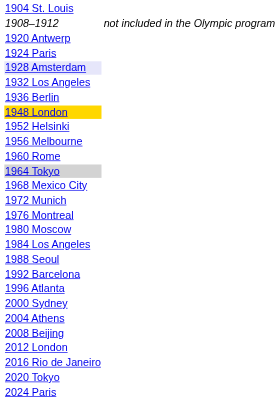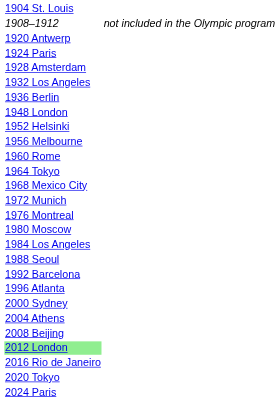 <table>
 <tr valign="top">
 <td><a href='#'>1904 St. Louis</a><br></td>
 <td></td>
 <td></td>
 <td></td>
 </tr>
 <tr>
 <td><em>1908–1912</em></td>
 <td colspan="3" style="text-align:center;"><em>not included in the Olympic program</em></td>
 </tr>
 <tr valign="top">
 <td><a href='#'>1920 Antwerp</a><br></td>
 <td></td>
 <td></td>
 <td></td>
 </tr>
 <tr valign="top">
 <td><a href='#'>1924 Paris</a><br></td>
 <td></td>
 <td></td>
 <td></td>
 </tr>
 <tr valign="top">
-<td style="background: lavender;"><a href='#'>1928 Amsterdam</a><br></td>
+<td><a href='#'>1928 Amsterdam</a><br></td>
 <td></td>
 <td></td>
 <td></td>
 </tr>
 <tr valign="top">
 <td><a href='#'>1932 Los Angeles</a><br></td>
 <td></td>
 <td></td>
 <td></td>
 </tr>
 <tr valign="top">
 <td><a href='#'>1936 Berlin</a><br></td>
 <td></td>
 <td></td>
 <td></td>
 </tr>
 <tr valign="top">
-<td style="background: gold;"><a href='#'>1948 London</a><br></td>
+<td><a href='#'>1948 London</a><br></td>
 <td></td>
 <td></td>
 <td></td>
 </tr>
 <tr valign="top">
 <td><a href='#'>1952 Helsinki</a><br></td>
 <td></td>
 <td></td>
 <td><br></td>
 </tr>
 <tr valign="top">
 <td><a href='#'>1956 Melbourne</a><br></td>
 <td></td>
 <td></td>
 <td><br></td>
 </tr>
 <tr valign="top">
 <td><a href='#'>1960 Rome</a><br></td>
 <td></td>
 <td></td>
 <td><br></td>
 </tr>
 <tr valign="top">
-<td style="background: lightgrey;"><a href='#'>1964 Tokyo</a><br></td>
+<td><a href='#'>1964 Tokyo</a><br></td>
 <td></td>
 <td></td>
 <td><br></td>
 </tr>
 <tr valign="top">
 <td><a href='#'>1968 Mexico City</a><br></td>
 <td></td>
 <td></td>
 <td><br></td>
 </tr>
 <tr valign="top">
 <td><a href='#'>1972 Munich</a><br></td>
 <td></td>
 <td></td>
 <td><br></td>
 </tr>
 <tr valign="top">
 <td><a href='#'>1976 Montreal</a><br></td>
 <td></td>
 <td></td>
 <td><br></td>
 </tr>
 <tr valign="top">
 <td><a href='#'>1980 Moscow</a><br></td>
 <td></td>
 <td></td>
 <td><br></td>
 </tr>
 <tr valign="top">
 <td><a href='#'>1984 Los Angeles</a><br></td>
 <td></td>
 <td></td>
 <td><br></td>
 </tr>
 <tr valign="top">
 <td><a href='#'>1988 Seoul</a><br></td>
 <td></td>
 <td></td>
 <td><br></td>
 </tr>
 <tr valign="top">
 <td><a href='#'>1992 Barcelona</a><br></td>
 <td></td>
 <td></td>
 <td><br></td>
 </tr>
 <tr valign="top">
 <td><a href='#'>1996 Atlanta</a><br></td>
 <td></td>
 <td></td>
 <td><br></td>
 </tr>
 <tr valign="top">
 <td><a href='#'>2000 Sydney</a><br></td>
 <td></td>
 <td></td>
 <td><br></td>
 </tr>
 <tr valign="top">
 <td><a href='#'>2004 Athens</a><br></td>
 <td></td>
 <td></td>
 <td><br></td>
 </tr>
 <tr valign="top">
 <td><a href='#'>2008 Beijing</a><br></td>
 <td></td>
 <td></td>
 <td><br></td>
 </tr>
 <tr valign="top">
-<td><a href='#'>2012 London</a><br></td>
+<td style="background: lightgreen;"><a href='#'>2012 London</a><br></td>
 <td></td>
 <td></td>
 <td><br></td>
 </tr>
 <tr valign="top">
 <td><a href='#'>2016 Rio de Janeiro</a><br></td>
 <td></td>
 <td></td>
 <td><br></td>
 </tr>
 <tr valign="top">
 <td><a href='#'>2020 Tokyo</a><br></td>
 <td></td>
 <td></td>
 <td><br></td>
 </tr>
 <tr valign="top">
 <td><a href='#'>2024 Paris</a><br></td>
 <td></td>
 <td></td>
 <td><br></td>
 </tr>
 </table>
